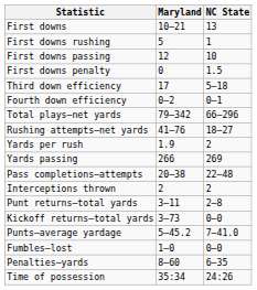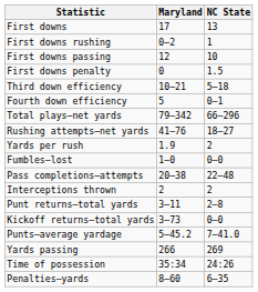 <table class="wikitable">
 <tr>
 <th>Statistic</th>
 <th><strong>Maryland</strong></th>
 <th><strong>NC State</strong></th>
 </tr>
 <tr>
 <td>First downs</td>
-<td>10–21</td>
+<td>17</td>
 <td>13</td>
 </tr>
 <tr>
 <td>First downs rushing</td>
-<td>5</td>
+<td>0–2</td>
 <td>1</td>
 </tr>
 <tr>
 <td>First downs passing</td>
 <td>12</td>
 <td>10</td>
 </tr>
 <tr>
 <td>First downs penalty</td>
 <td>0</td>
 <td>1.5</td>
 </tr>
 <tr>
 <td>Third down efficiency</td>
-<td>17</td>
+<td>10–21</td>
 <td>5–18</td>
 </tr>
 <tr>
 <td>Fourth down efficiency</td>
-<td>0–2</td>
+<td>5</td>
 <td>0–1</td>
 </tr>
 <tr>
 <td>Total plays–net yards</td>
 <td>79–342</td>
 <td>66–296</td>
 </tr>
 <tr>
 <td>Rushing attempts–net yards</td>
 <td>41–76</td>
 <td>18–27</td>
 </tr>
 <tr>
 <td>Yards per rush</td>
 <td>1.9</td>
 <td>2</td>
 </tr>
 <tr>
-<td>Yards passing</td>
-<td>266</td>
-<td>269</td>
+<td>Fumbles–lost</td>
+<td>1–0</td>
+<td>0–0</td>
 </tr>
 <tr>
 <td>Pass completions–attempts</td>
 <td>20–38</td>
 <td>22–48</td>
 </tr>
 <tr>
 <td>Interceptions thrown</td>
 <td>2</td>
 <td>2</td>
 </tr>
 <tr>
 <td>Punt returns–total yards</td>
 <td>3–11</td>
 <td>2–8</td>
 </tr>
 <tr>
 <td>Kickoff returns–total yards</td>
 <td>3–73</td>
 <td>0–0</td>
 </tr>
 <tr>
 <td>Punts–average yardage</td>
 <td>5–45.2</td>
 <td>7–41.0</td>
 </tr>
 <tr>
-<td>Fumbles–lost</td>
-<td>1–0</td>
-<td>0–0</td>
+<td>Yards passing</td>
+<td>266</td>
+<td>269</td>
+</tr>
+<tr>
+<td>Time of possession</td>
+<td>35:34</td>
+<td>24:26</td>
 </tr>
 <tr>
 <td>Penalties–yards</td>
 <td>8–60</td>
 <td>6–35</td>
 </tr>
-<tr>
-<td>Time of possession</td>
-<td>35:34</td>
-<td>24:26</td>
-</tr>
 </table>
